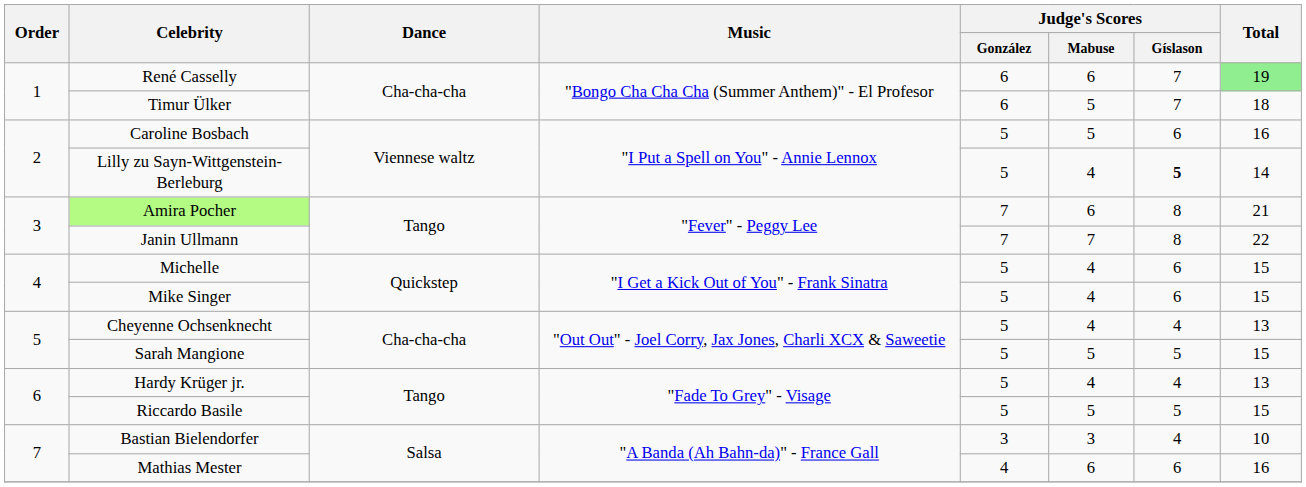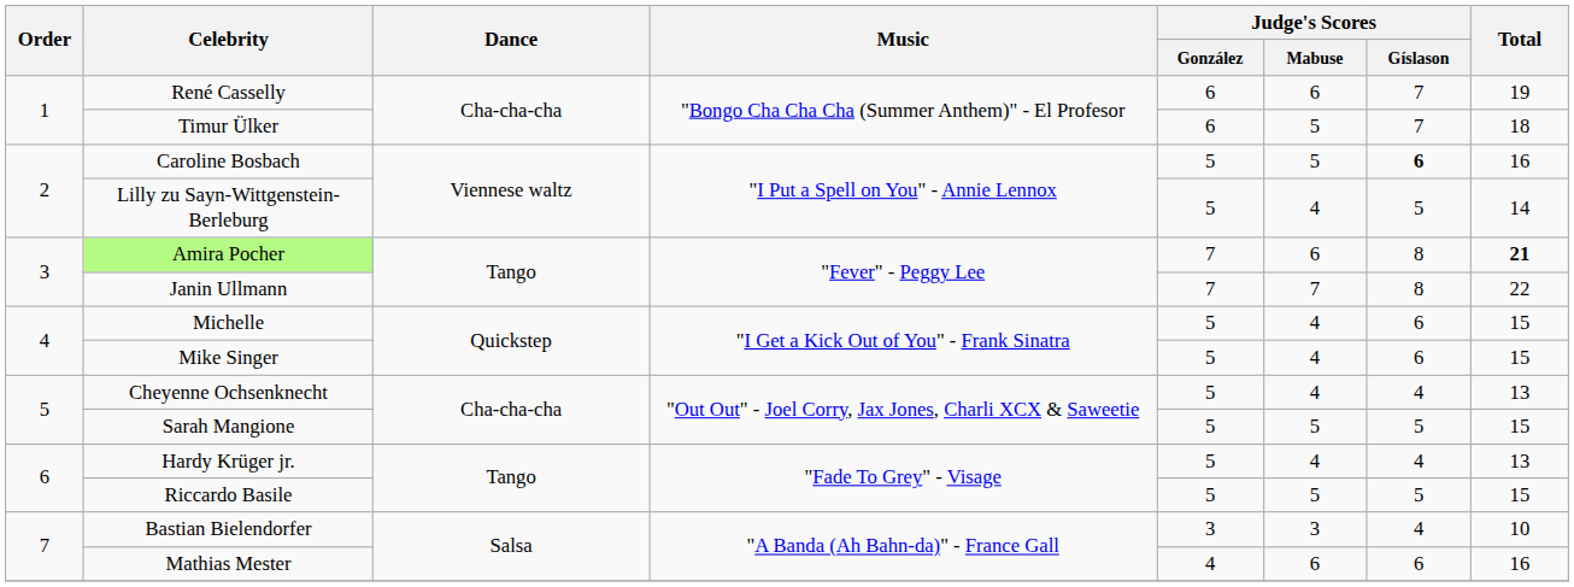 <table class="wikitable center unsortable" style="text-align:center; font-size:100%; line-height:20px;">
 <tr>
 <th rowspan="2" style="width: 4em">Order</th>
 <th rowspan="2" style="width: 20em">Celebrity</th>
 <th rowspan="2" style="width: 20em">Dance</th>
 <th rowspan="2" style="width: 40em">Music</th>
 <th colspan="3">Judge's Scores</th>
 <th rowspan="2" style="width: 6em">Total</th>
 </tr>
 <tr>
 <th style="width: 6em"><small>González</small></th>
 <th style="width: 6em"><small>Mabuse</small></th>
 <th style="width: 6em"><small>Gíslason</small></th>
 </tr>
 <tr>
 <td rowspan=2>1</td>
 <td>René Casselly</td>
 <td rowspan=2>Cha-cha-cha</td>
 <td rowspan=2>"<a href='#'>Bongo Cha Cha Cha</a> (Summer Anthem)" - El Profesor</td>
 <td>6</td>
 <td>6</td>
 <td>7</td>
-<td style="background: lightgreen;">19</td>
+<td>19</td>
 </tr>
 <tr>
 <td>Timur Ülker</td>
 <td>6</td>
 <td>5</td>
 <td>7</td>
 <td>18</td>
 </tr>
 <tr>
 <td rowspan=2>2</td>
 <td>Caroline Bosbach</td>
 <td rowspan=2>Viennese waltz</td>
 <td rowspan=2>"<a href='#'>I Put a Spell on You</a>" - <a href='#'>Annie Lennox</a></td>
 <td>5</td>
 <td>5</td>
-<td>6</td>
+<td><strong>6</strong></td>
 <td>16</td>
 </tr>
 <tr>
 <td>Lilly zu Sayn-Wittgenstein-Berleburg</td>
 <td>5</td>
 <td>4</td>
-<td><strong>5</strong></td>
+<td>5</td>
 <td>14</td>
 </tr>
 <tr>
 <td rowspan=2>3</td>
 <td bgcolor="#B4FB84">Amira Pocher</td>
 <td rowspan=2>Tango</td>
 <td rowspan=2>"<a href='#'>Fever</a>" - <a href='#'>Peggy Lee</a></td>
 <td>7</td>
 <td>6</td>
 <td>8</td>
-<td>21</td>
+<td><strong>21</strong></td>
 </tr>
 <tr>
 <td>Janin Ullmann</td>
 <td>7</td>
 <td>7</td>
 <td>8</td>
 <td>22</td>
 </tr>
 <tr>
 <td rowspan=2>4</td>
 <td>Michelle</td>
 <td rowspan=2>Quickstep</td>
 <td rowspan=2>"<a href='#'>I Get a Kick Out of You</a>" - <a href='#'>Frank Sinatra</a></td>
 <td>5</td>
 <td>4</td>
 <td>6</td>
 <td>15</td>
 </tr>
 <tr>
 <td>Mike Singer</td>
 <td>5</td>
 <td>4</td>
 <td>6</td>
 <td>15</td>
 </tr>
 <tr>
 <td rowspan=2>5</td>
 <td>Cheyenne Ochsenknecht</td>
 <td rowspan=2>Cha-cha-cha</td>
 <td rowspan=2>"<a href='#'>Out Out</a>" - <a href='#'>Joel Corry</a>, <a href='#'>Jax Jones</a>, <a href='#'>Charli XCX</a> & <a href='#'>Saweetie</a></td>
 <td>5</td>
 <td>4</td>
 <td>4</td>
 <td>13</td>
 </tr>
 <tr>
 <td>Sarah Mangione</td>
 <td>5</td>
 <td>5</td>
 <td>5</td>
 <td>15</td>
 </tr>
 <tr>
 <td rowspan=2>6</td>
 <td>Hardy Krüger jr.</td>
 <td rowspan=2>Tango</td>
 <td rowspan=2>"<a href='#'>Fade To Grey</a>" - <a href='#'>Visage</a></td>
 <td>5</td>
 <td>4</td>
 <td>4</td>
 <td>13</td>
 </tr>
 <tr>
 <td>Riccardo Basile</td>
 <td>5</td>
 <td>5</td>
 <td>5</td>
 <td>15</td>
 </tr>
 <tr>
 <td rowspan=2>7</td>
 <td>Bastian Bielendorfer</td>
 <td rowspan=2>Salsa</td>
 <td rowspan=2>"<a href='#'>A Banda (Ah Bahn-da)</a>" - <a href='#'>France Gall</a></td>
 <td>3</td>
 <td>3</td>
 <td>4</td>
 <td>10</td>
 </tr>
 <tr>
 <td>Mathias Mester</td>
 <td>4</td>
 <td>6</td>
 <td>6</td>
 <td>16</td>
 </tr>
 <tr>
 </tr>
 </table>
